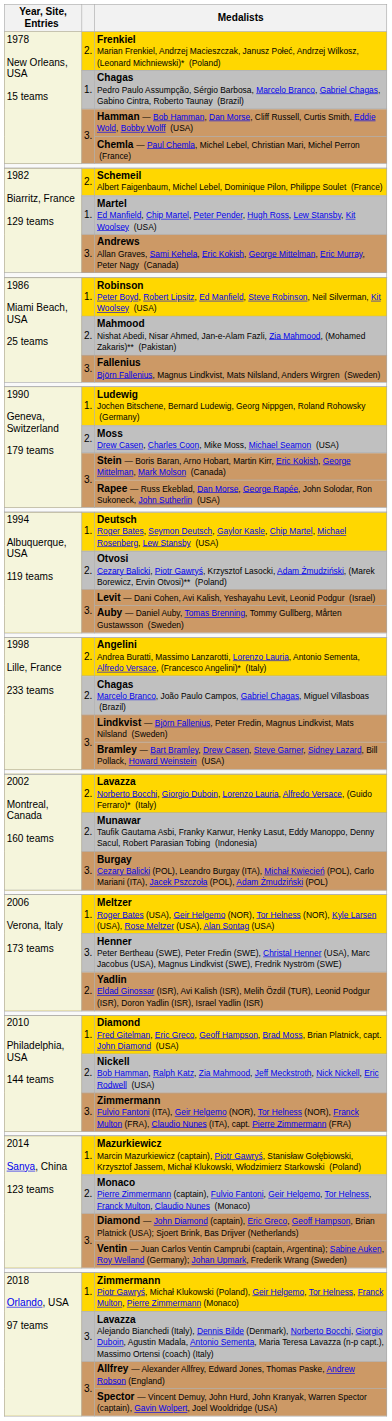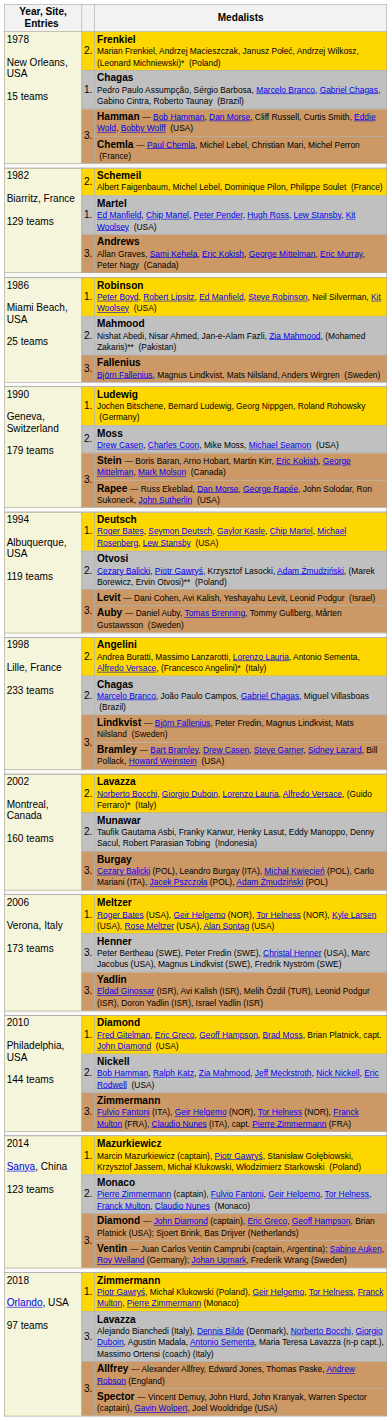 <table class=wikitable>
 <tr>
 <th>Year, Site, Entries </th>
 <th></th>
 <th>Medalists</th>
 </tr>
 <tr bgcolor="gold">
 <td rowspan="4" bgcolor="beige" valign="Top">1978 <br><br>New Orleans, USA <br> <br>15 teams</td>
 <td>2.</td>
 <td> <strong>Frenkiel</strong> <br><small>Marian Frenkiel, Andrzej Macieszczak, Janusz Połeć, Andrzej Wilkosz, (Leonard Michniewski)*  (Poland)</small></td>
 </tr>
 <tr bgcolor="silver">
 <td>1.</td>
 <td> <strong>Chagas</strong> <br><small>Pedro Paulo Assumpção, Sérgio Barbosa, <a href='#'>Marcelo Branco</a>, <a href='#'>Gabriel Chagas</a>, Gabino Cintra, Roberto Taunay  (Brazil)</small></td>
 </tr>
 <tr bgcolor="cc9966">
 <td rowspan=2>3.</td>
 <td> <strong>Hamman</strong> <small>— <a href='#'>Bob Hamman</a>, <a href='#'>Dan Morse</a>, Cliff Russell, Curtis Smith, <a href='#'>Eddie Wold</a>, <a href='#'>Bobby Wolff</a>  (USA)</small></td>
 </tr>
 <tr bgcolor="cc9966">
 <td> <strong>Chemla</strong> <small>— <a href='#'>Paul Chemla</a>, Michel Lebel, Christian Mari, Michel Perron  (France)</small></td>
 </tr>
 <tr>
 <td colspan=3></td>
 </tr>
 <tr>
 </tr>
 <tr bgcolor="gold">
 <td rowspan="3" bgcolor="beige" valign="Top">1982 <br><br>Biarritz, France <br> <br>129 teams</td>
 <td>2.</td>
 <td> <strong>Schemeil</strong> <br><small>Albert Faigenbaum, Michel Lebel, Dominique Pilon, Philippe Soulet  (France)</small></td>
 </tr>
 <tr bgcolor="silver">
 <td>1.</td>
 <td> <strong>Martel</strong> <br><small><a href='#'>Ed Manfield</a>, <a href='#'>Chip Martel</a>, <a href='#'>Peter Pender</a>, <a href='#'>Hugh Ross</a>, <a href='#'>Lew Stansby</a>, <a href='#'>Kit Woolsey</a>  (USA)</small></td>
 </tr>
 <tr bgcolor="cc9966">
 <td>3.</td>
 <td> <strong>Andrews</strong> <br><small>Allan Graves, <a href='#'>Sami Kehela</a>, <a href='#'>Eric Kokish</a>, <a href='#'>George Mittelman</a>, <a href='#'>Eric Murray</a>, Peter Nagy  (Canada)</small></td>
 </tr>
 <tr>
 <td colspan=3></td>
 </tr>
 <tr>
 </tr>
 <tr bgcolor="gold">
 <td rowspan="3" bgcolor="beige" valign="Top">1986 <br><br>Miami Beach, USA <br> <br>25 teams</td>
 <td>1.</td>
 <td> <strong>Robinson</strong> <br><small><a href='#'>Peter Boyd</a>, <a href='#'>Robert Lipsitz</a>, <a href='#'>Ed Manfield</a>, <a href='#'>Steve Robinson</a>, Neil Silverman, <a href='#'>Kit Woolsey</a>  (USA)</small></td>
 </tr>
 <tr bgcolor="silver">
 <td>2.</td>
 <td> <strong>Mahmood</strong> <br><small>Nishat Abedi, Nisar Ahmed, Jan-e-Alam Fazli, <a href='#'>Zia Mahmood</a>, (Mohamed Zakaris)**  (Pakistan)</small></td>
 </tr>
 <tr bgcolor="cc9966">
 <td>3.</td>
 <td> <strong>Fallenius</strong> <br><small><a href='#'>Björn Fallenius</a>, Magnus Lindkvist, Mats Nilsland, Anders Wirgren  (Sweden)</small></td>
 </tr>
 <tr>
 <td colspan=3></td>
 </tr>
 <tr>
 </tr>
 <tr bgcolor="gold">
 <td rowspan="4" bgcolor="beige" valign="Top">1990 <br><br>Geneva, Switzerland  <br> <br>179 teams</td>
 <td>1.</td>
 <td> <strong>Ludewig</strong> <br><small>Jochen Bitschene, Bernard Ludewig, Georg Nippgen, Roland Rohowsky  (Germany)</small></td>
 </tr>
 <tr bgcolor="silver">
 <td>2.</td>
 <td> <strong>Moss</strong> <br><small><a href='#'>Drew Casen</a>, <a href='#'>Charles Coon</a>, Mike Moss, <a href='#'>Michael Seamon</a>  (USA)</small></td>
 </tr>
 <tr bgcolor="cc9966">
 <td rowspan=2>3.</td>
 <td> <strong>Stein</strong> <small>— Boris Baran, Arno Hobart, Martin Kirr, <a href='#'>Eric Kokish</a>, <a href='#'>George Mittelman</a>, <a href='#'>Mark Molson</a>  (Canada)</small></td>
 </tr>
 <tr bgcolor="cc9966">
 <td> <strong>Rapee</strong> <small>— Russ Ekeblad, <a href='#'>Dan Morse</a>, <a href='#'>George Rapée</a>, John Solodar, Ron Sukoneck, <a href='#'>John Sutherlin</a>  (USA)</small></td>
 </tr>
 <tr>
 <td colspan=3></td>
 </tr>
 <tr>
 </tr>
 <tr bgcolor="gold">
 <td rowspan="4" bgcolor="beige" valign="Top">1994 <br><br>Albuquerque, USA <br> <br>119 teams</td>
 <td>1.</td>
 <td> <strong>Deutsch</strong> <br><small><a href='#'>Roger Bates</a>, <a href='#'>Seymon Deutsch</a>, <a href='#'>Gaylor Kasle</a>, <a href='#'>Chip Martel</a>, <a href='#'>Michael Rosenberg</a>, <a href='#'>Lew Stansby</a>  (USA)</small></td>
 </tr>
 <tr bgcolor="silver">
 <td>2.</td>
 <td> <strong>Otvosi</strong> <br><small><a href='#'>Cezary Balicki</a>, <a href='#'>Piotr Gawryś</a>, Krzysztof Lasocki, <a href='#'>Adam Żmudziński</a>, (Marek Borewicz, Ervin Otvosi)**  (Poland)</small></td>
 </tr>
 <tr bgcolor="cc9966">
 <td rowspan=2>3.</td>
 <td> <strong>Levit</strong> <small>— Dani Cohen, Avi Kalish, Yeshayahu Levit, Leonid Podgur  (Israel)</small></td>
 </tr>
 <tr bgcolor="cc9966">
 <td> <strong>Auby</strong> <small>— Daniel Auby, <a href='#'>Tomas Brenning</a>, Tommy Gullberg, Mårten Gustawsson  (Sweden)</small></td>
 </tr>
 <tr>
 <td colspan=3></td>
 </tr>
 <tr>
 </tr>
 <tr bgcolor="gold">
 <td rowspan="4" bgcolor="beige" valign="Top">1998 <br><br>Lille, France <br> <br>233 teams</td>
 <td>2.</td>
 <td> <strong>Angelini</strong> <br><small>Andrea Buratti, Massimo Lanzarotti, <a href='#'>Lorenzo Lauria</a>, Antonio Sementa, <a href='#'>Alfredo Versace</a>, (Francesco Angelini)*  (Italy)</small></td>
 </tr>
 <tr bgcolor="silver">
 <td>2.</td>
 <td> <strong>Chagas</strong> <br><small><a href='#'>Marcelo Branco</a>, João Paulo Campos, <a href='#'>Gabriel Chagas</a>, Miguel Villasboas  (Brazil)</small></td>
 </tr>
 <tr bgcolor="cc9966">
 <td rowspan=2>3.</td>
 <td> <strong>Lindkvist</strong> <small>— <a href='#'>Björn Fallenius</a>, Peter Fredin, Magnus Lindkvist, Mats Nilsland  (Sweden)</small></td>
 </tr>
 <tr bgcolor="cc9966">
 <td> <strong>Bramley</strong> <small>— <a href='#'>Bart Bramley</a>, <a href='#'>Drew Casen</a>, <a href='#'>Steve Garner</a>, <a href='#'>Sidney Lazard</a>, Bill Pollack, <a href='#'>Howard Weinstein</a>  (USA)</small></td>
 </tr>
 <tr>
 <td colspan=3></td>
 </tr>
 <tr>
 </tr>
 <tr bgcolor="gold">
 <td rowspan="3" bgcolor="beige" valign="Top">2002 <br><br>Montreal, Canada <br> <br>160 teams</td>
 <td>2.</td>
 <td> <strong>Lavazza</strong> <br><small><a href='#'>Norberto Bocchi</a>, <a href='#'>Giorgio Duboin</a>, <a href='#'>Lorenzo Lauria</a>, <a href='#'>Alfredo Versace</a>, (Guido Ferraro)*  (Italy)</small></td>
 </tr>
 <tr bgcolor="silver">
 <td>2.</td>
 <td> <strong>Munawar</strong> <br><small>Taufik Gautama Asbi, Franky Karwur, Henky Lasut, Eddy Manoppo, Denny Sacul, Robert Parasian Tobing  (Indonesia)</small></td>
 </tr>
 <tr bgcolor="cc9966">
 <td>3.</td>
 <td>  <strong>Burgay</strong> <br><small><a href='#'>Cezary Balicki</a> (POL), Leandro Burgay (ITA), <a href='#'>Michał Kwiecień</a> (POL), Carlo Mariani (ITA), <a href='#'>Jacek Pszczoła</a> (POL), <a href='#'>Adam Żmudziński</a> (POL)</small></td>
 </tr>
 <tr>
 <td colspan=3></td>
 </tr>
 <tr>
 </tr>
 <tr bgcolor="gold">
 <td rowspan="3" bgcolor="beige" valign="Top">2006 <br><br>Verona, Italy <br> <br>173 teams</td>
 <td>1.</td>
 <td>  <strong>Meltzer</strong> <br><small><a href='#'>Roger Bates</a> (USA), <a href='#'>Geir Helgemo</a> (NOR), <a href='#'>Tor Helness</a> (NOR), <a href='#'>Kyle Larsen</a> (USA), <a href='#'>Rose Meltzer</a> (USA), <a href='#'>Alan Sontag</a> (USA)</small></td>
 </tr>
 <tr bgcolor="silver">
 <td>3.</td>
 <td>  <strong>Henner</strong> <br><small>Peter Bertheau (SWE), Peter Fredin (SWE), <a href='#'>Christal Henner</a> (USA), Marc Jacobus (USA), Magnus Lindkvist (SWE), Fredrik Nyström (SWE) </small></td>
 </tr>
 <tr bgcolor="cc9966">
-<td>2.</td>
+<td>3.</td>
 <td>  <strong>Yadlin</strong> <br><small><a href='#'>Eldad Ginossar</a> (ISR), Avi Kalish (ISR), Melih Özdil (TUR), Leonid Podgur (ISR), Doron Yadlin (ISR), Israel Yadlin (ISR)</small></td>
 </tr>
 <tr>
 <td colspan=3></td>
 </tr>
 <tr>
 </tr>
 <tr bgcolor="gold">
 <td rowspan="3" bgcolor="beige" valign="Top">2010 <br><br>Philadelphia, USA <br> <br>144 teams</td>
 <td>1.</td>
 <td> <strong>Diamond</strong> <br><small><a href='#'>Fred Gitelman</a>, <a href='#'>Eric Greco</a>, <a href='#'>Geoff Hampson</a>, <a href='#'>Brad Moss</a>, Brian Platnick, capt. <a href='#'>John Diamond</a>  (USA)</small></td>
 </tr>
 <tr bgcolor="silver">
 <td>2.</td>
 <td> <strong>Nickell</strong> <br><small><a href='#'>Bob Hamman</a>, <a href='#'>Ralph Katz</a>, <a href='#'>Zia Mahmood</a>, <a href='#'>Jeff Meckstroth</a>, <a href='#'>Nick Nickell</a>, <a href='#'>Eric Rodwell</a>  (USA)</small></td>
 </tr>
 <tr bgcolor="cc9966">
 <td>3.</td>
 <td>   <strong>Zimmermann</strong> <br><small><a href='#'>Fulvio Fantoni</a> (ITA), <a href='#'>Geir Helgemo</a> (NOR), <a href='#'>Tor Helness</a> (NOR), <a href='#'>Franck Multon</a> (FRA), <a href='#'>Claudio Nunes</a> (ITA), capt. <a href='#'>Pierre Zimmermann</a> (FRA)</small></td>
 </tr>
 <tr>
 <td colspan=3></td>
 </tr>
 <tr>
 </tr>
 <tr bgcolor="gold">
 <td rowspan="4" bgcolor="beige" valign="Top">2014  <br><br><a href='#'>Sanya</a>, China <br> <br> 123 teams </td>
 <td>1.</td>
 <td> <strong>Mazurkiewicz</strong> <br><small>Marcin Mazurkiewicz (captain), <a href='#'>Piotr Gawryś</a>, Stanisław Gołębiowski, Krzysztof Jassem, Michał Klukowski, Włodzimierz Starkowski  (Poland)</small> </td>
 </tr>
 <tr bgcolor="silver">
 <td>2.</td>
 <td> <strong>Monaco</strong> <br><small><a href='#'>Pierre Zimmermann</a> (captain), <a href='#'>Fulvio Fantoni</a>, <a href='#'>Geir Helgemo</a>, <a href='#'>Tor Helness</a>, <a href='#'>Franck Multon</a>, <a href='#'>Claudio Nunes</a>  (Monaco)</small></td>
 </tr>
 <tr bgcolor="cc9966">
 <td rowspan=2>3.</td>
 <td>  <strong>Diamond</strong> <small>— <a href='#'>John Diamond</a> (captain), <a href='#'>Eric Greco</a>, <a href='#'>Geoff Hampson</a>, Brian Platnick (USA); Sjoert Brink, Bas Drijver (Netherlands)</small></td>
 </tr>
 <tr bgcolor="cc9966">
 <td>   <strong>Ventin</strong> <small>— Juan Carlos Ventin Camprubi (captain, Argentina); <a href='#'>Sabine Auken</a>, <a href='#'>Roy Welland</a> (Germany); <a href='#'>Johan Upmark</a>, Frederik Wrang (Sweden)</small></td>
 </tr>
 <tr>
 <td colspan=3></td>
 </tr>
 <tr>
 </tr>
 <tr bgcolor="gold">
 <td rowspan="4" bgcolor="beige" valign="Top">2018 <br><br><a href='#'>Orlando</a>, USA <br> <br> 97 teams </td>
 <td>1.</td>
 <td>  <strong>Zimmermann</strong> <br><small><a href='#'>Piotr Gawryś</a>, Michał Klukowski (Poland), <a href='#'>Geir Helgemo</a>, <a href='#'>Tor Helness</a>,  <a href='#'>Franck Multon</a>, <a href='#'>Pierre Zimmermann</a> (Monaco)</small> </td>
 </tr>
 <tr bgcolor="silver">
 <td>3.</td>
 <td>  <strong>Lavazza</strong> <br><small>Alejando Bianchedi (Italy), <a href='#'>Dennis Bilde</a> (Denmark), <a href='#'>Norberto Bocchi</a>, <a href='#'>Giorgio Duboin</a>, Agustin Madala, <a href='#'>Antonio Sementa</a>, Maria Teresa Lavazza (n-p capt.), Massimo Ortensi (coach) (Italy)</small></td>
 </tr>
 <tr bgcolor="cc9966">
 <td rowspan=2>3.</td>
 <td> <strong>Allfrey</strong> <small>— Alexander Allfrey, Edward Jones, Thomas Paske, <a href='#'>Andrew Robson</a> (England)</small></td>
 </tr>
 <tr bgcolor="cc9966">
 <td> <strong>Spector</strong> <small>— Vincent Demuy, John Hurd, John Kranyak, Warren Spector (captain), <a href='#'>Gavin Wolpert</a>, Joel Wooldridge (USA)</small></td>
 </tr>
 </table>
